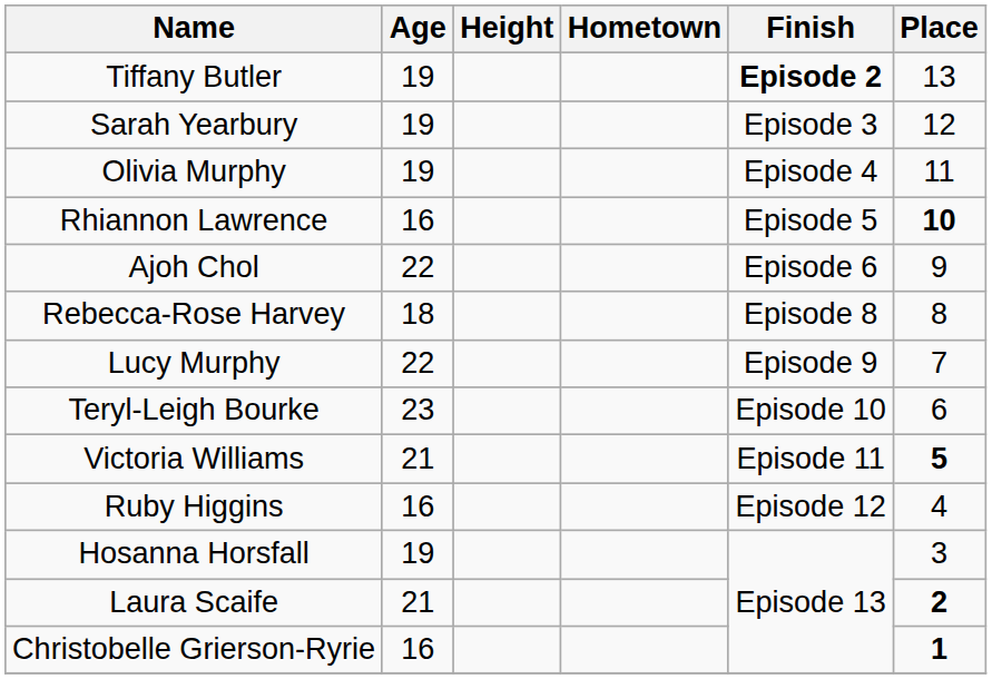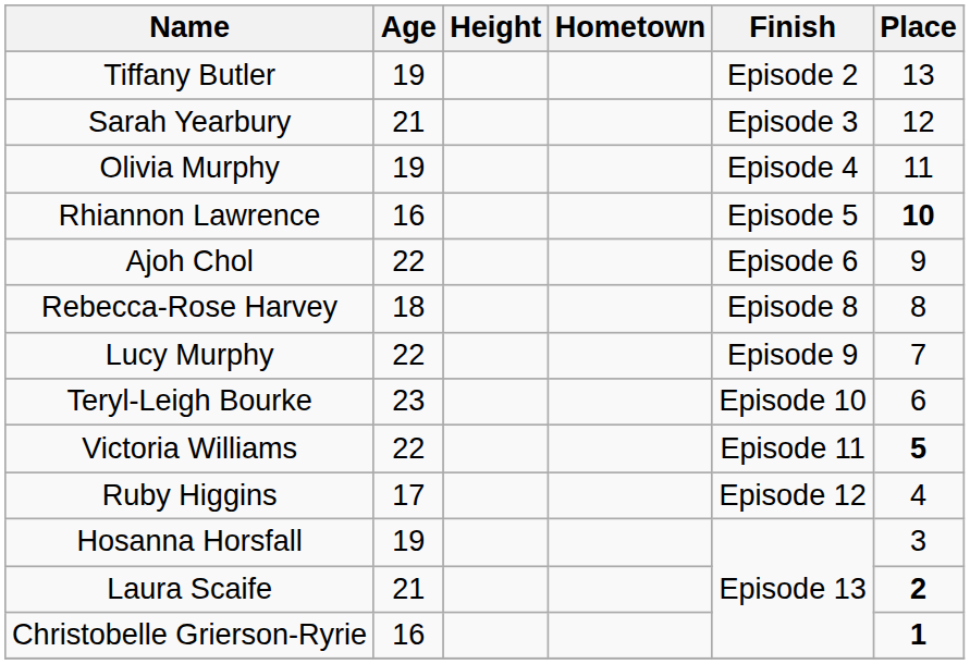 <table class="wikitable sortable" style="text-align:center;">
 <tr>
 <th>Name</th>
 <th>Age</th>
 <th>Height</th>
 <th>Hometown</th>
 <th>Finish</th>
 <th>Place</th>
 </tr>
 <tr>
 <td>Tiffany Butler</td>
 <td>19</td>
 <td></td>
 <td></td>
-<td><strong>Episode 2</strong></td>
+<td>Episode 2</td>
 <td>13</td>
 </tr>
 <tr>
 <td>Sarah Yearbury</td>
-<td>19</td>
+<td>21</td>
 <td></td>
 <td></td>
 <td>Episode 3</td>
 <td>12</td>
 </tr>
 <tr>
 <td>Olivia Murphy</td>
 <td>19</td>
 <td></td>
 <td></td>
 <td>Episode 4</td>
 <td>11</td>
 </tr>
 <tr>
 <td>Rhiannon Lawrence</td>
 <td>16</td>
 <td></td>
 <td></td>
 <td>Episode 5</td>
 <td><strong>10</strong></td>
 </tr>
 <tr>
 <td>Ajoh Chol</td>
 <td>22</td>
 <td></td>
 <td></td>
 <td>Episode 6</td>
 <td>9</td>
 </tr>
 <tr>
 <td>Rebecca-Rose Harvey</td>
 <td>18</td>
 <td></td>
 <td></td>
 <td>Episode 8</td>
 <td>8</td>
 </tr>
 <tr>
 <td>Lucy Murphy</td>
 <td>22</td>
 <td></td>
 <td></td>
 <td>Episode 9</td>
 <td>7</td>
 </tr>
 <tr>
 <td>Teryl-Leigh Bourke</td>
 <td>23</td>
 <td></td>
 <td></td>
 <td>Episode 10</td>
 <td>6</td>
 </tr>
 <tr>
 <td>Victoria Williams</td>
-<td>21</td>
+<td>22</td>
 <td></td>
 <td></td>
 <td>Episode 11</td>
 <td><strong>5</strong></td>
 </tr>
 <tr>
 <td>Ruby Higgins</td>
-<td>16</td>
+<td>17</td>
 <td></td>
 <td></td>
 <td>Episode 12</td>
 <td>4</td>
 </tr>
 <tr>
 <td>Hosanna Horsfall</td>
 <td>19</td>
 <td></td>
 <td></td>
 <td rowspan="3">Episode 13</td>
 <td>3</td>
 </tr>
 <tr>
 <td>Laura Scaife</td>
 <td>21</td>
 <td></td>
 <td></td>
 <td><strong>2</strong></td>
 </tr>
 <tr>
 <td>Christobelle Grierson-Ryrie</td>
 <td>16</td>
 <td></td>
 <td></td>
 <td><strong>1</strong></td>
 </tr>
 <tr>
 </tr>
 </table>
